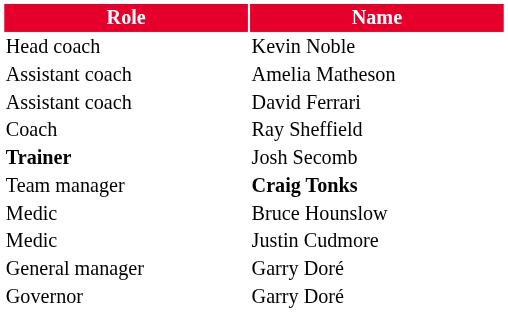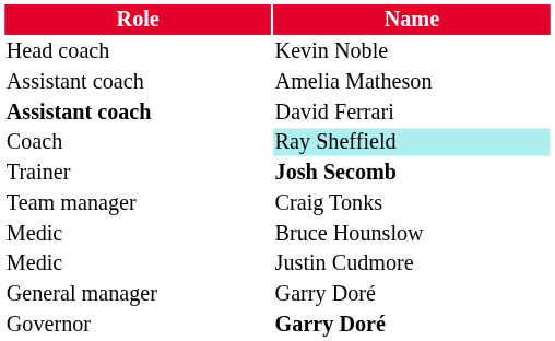 <table class="toccolours" style="width:25em">
 <tr>
 </tr>
 <tr>
 <th style="background:#E4002B;color:white;border:#E4002B 1px solid">Role</th>
 <th style="background:#E4002B;color:white;border:#E4002B 1px solid">Name</th>
 </tr>
 <tr>
 <td>Head coach</td>
 <td> Kevin Noble</td>
 </tr>
 <tr>
 <td>Assistant coach</td>
 <td> Amelia Matheson</td>
 </tr>
 <tr>
-<td>Assistant coach</td>
+<td><strong>Assistant coach</strong></td>
 <td> David Ferrari</td>
 </tr>
 <tr>
 <td>Coach</td>
-<td> Ray Sheffield</td>
+<td style="background: paleturquoise;"> Ray Sheffield</td>
 </tr>
 <tr>
-<td><strong>Trainer</strong></td>
-<td> Josh Secomb</td>
+<td>Trainer</td>
+<td><strong> Josh Secomb</strong></td>
 </tr>
 <tr>
 <td>Team manager</td>
-<td><strong> Craig Tonks</strong></td>
+<td> Craig Tonks</td>
 </tr>
 <tr>
 <td>Medic</td>
 <td> Bruce Hounslow</td>
 </tr>
 <tr>
 <td>Medic</td>
 <td> Justin Cudmore</td>
 </tr>
 <tr>
 <td>General manager</td>
 <td> Garry Doré</td>
 </tr>
 <tr>
 <td>Governor</td>
-<td> Garry Doré</td>
+<td><strong> Garry Doré</strong></td>
 </tr>
 <tr>
 </tr>
 </table>
